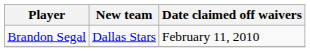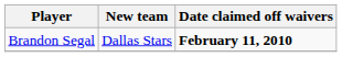 <table class="wikitable">
 <tr>
 <th>Player</th>
 <th>New team</th>
 <th>Date claimed off waivers</th>
 </tr>
 <tr>
 <td><a href='#'>Brandon Segal</a></td>
 <td><a href='#'>Dallas Stars</a></td>
-<td>February 11, 2010</td>
+<td><strong>February 11, 2010</strong></td>
 </tr>
 <tr>
 </tr>
 </table>
